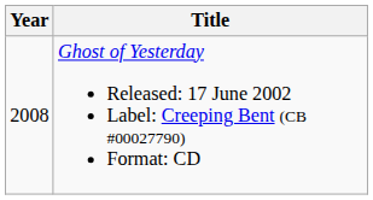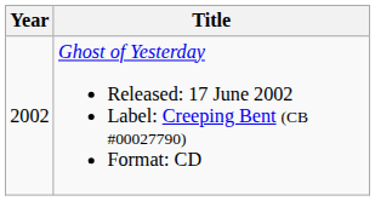 <table class="wikitable">
 <tr>
 <th>Year</th>
 <th style="width:250px;">Title</th>
 </tr>
 <tr>
-<td>2008</td>
+<td>2002</td>
 <td><em><a href='#'>Ghost of Yesterday</a></em><br><ul><li>Released: 17 June 2002</li><li>Label: <a href='#'>Creeping Bent</a> <small>(CB #00027790)</small></li><li>Format: CD</li></ul></td>
 </tr>
 </table>
